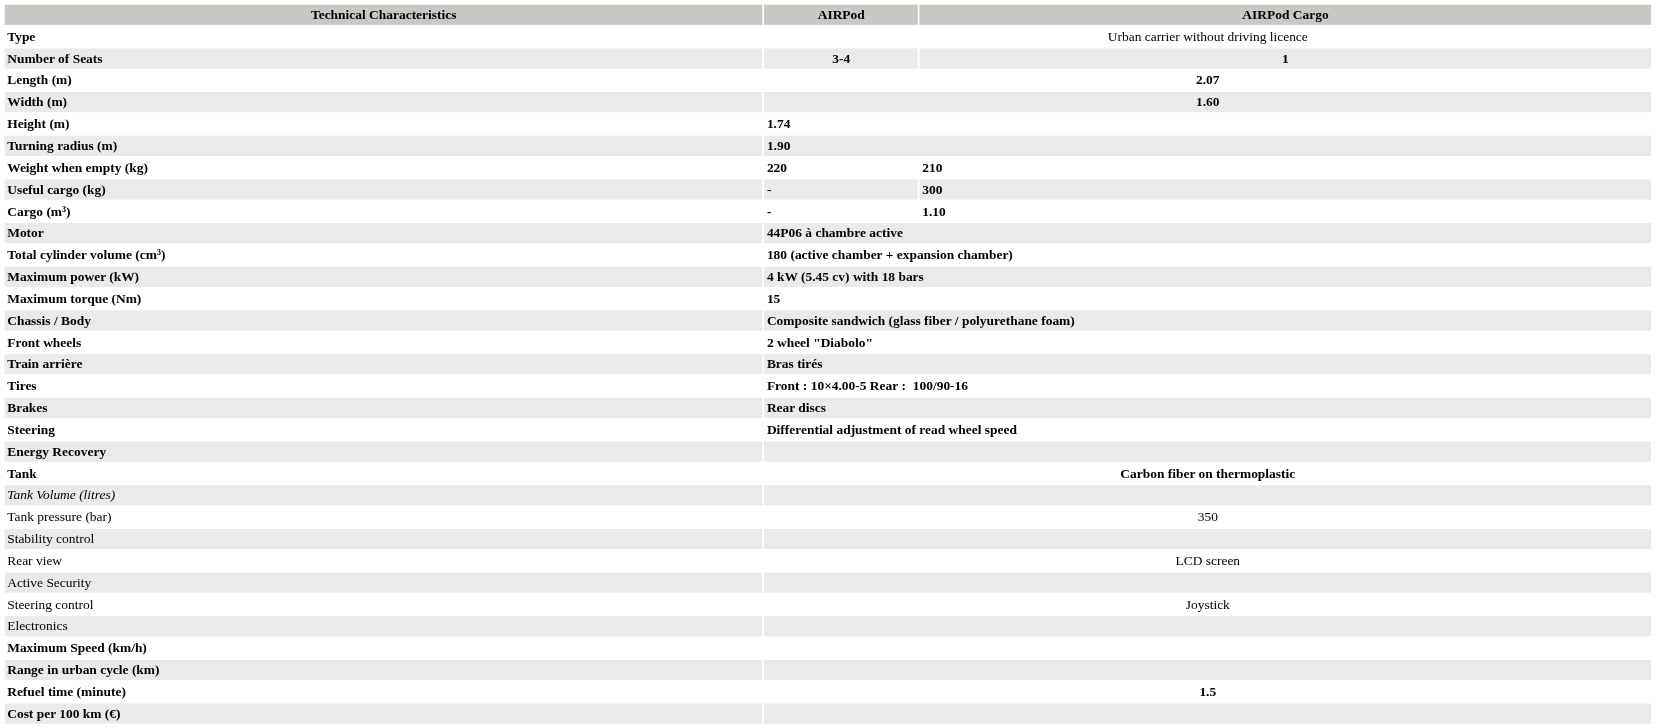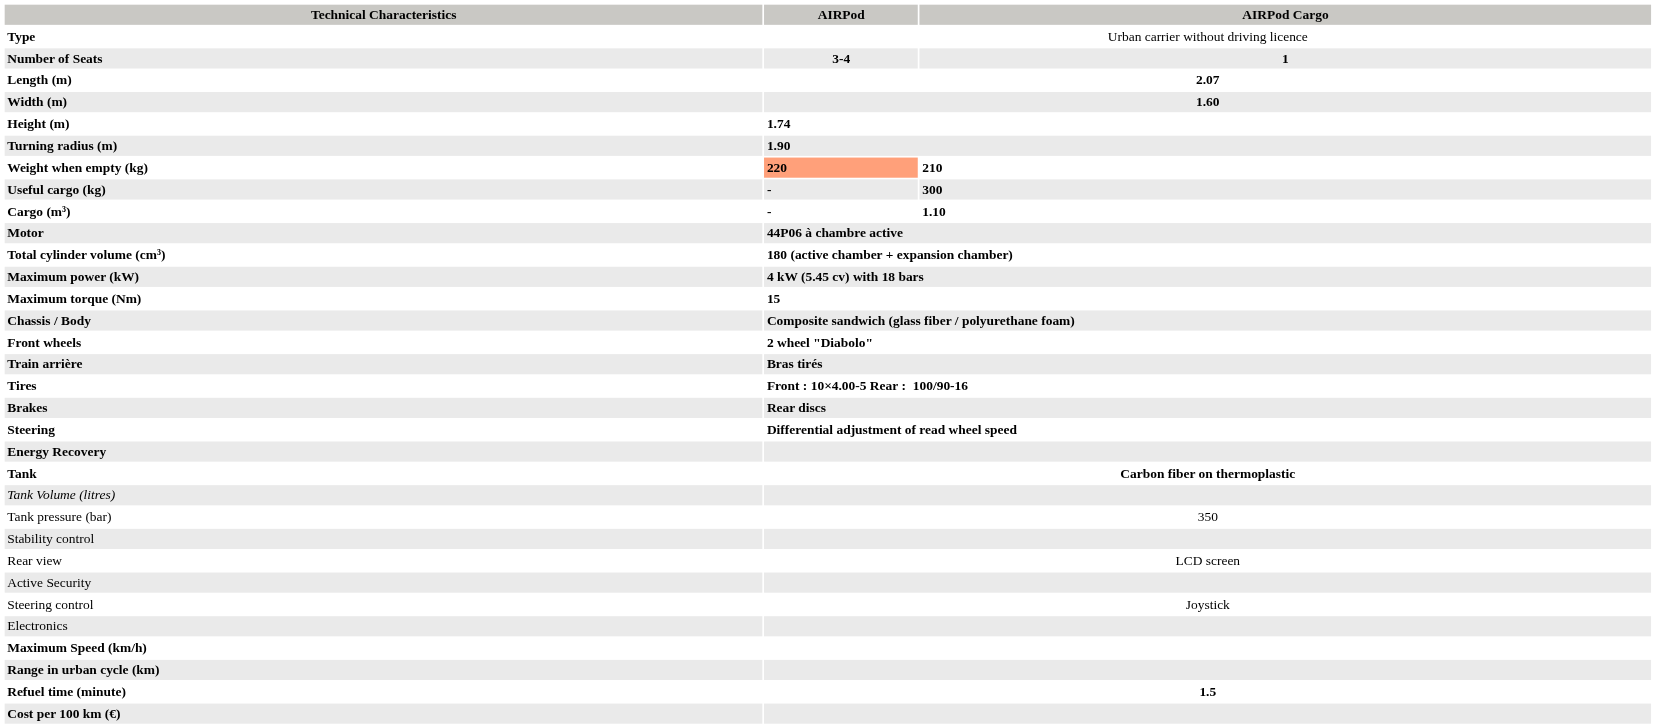 <table border="0" cellpadding="3" cellspacing="2" width="99%">
 <tr style="background:#C9C8C4;">
 <th>Technical Characteristics</th>
 <th width="177">AIRPod</th>
 <th colspan="2" width="177">AIRPod Cargo</th>
 </tr>
 <tr>
 <td><strong>Type</strong></td>
 <td colspan="3" style="text-align:center;">Urban carrier without driving licence</td>
 </tr>
 <tr style="background:#EAEAEA;">
 <td><strong>Number of Seats</strong></td>
 <td style="text-align:center;"><strong>3-4</strong></td>
 <td colspan="2" style="text-align:center;"><strong>1</strong></td>
 </tr>
 <tr>
 <td><strong>Length (m)</strong></td>
 <td colspan="3" style="text-align:center;"><strong>2.07</strong></td>
 </tr>
 <tr style="background:#EAEAEA;">
 <td><strong>Width  (m)</strong></td>
 <td colspan="3" style="text-align:center;"><strong>1.60</strong></td>
 </tr>
 <tr>
 <td><div><strong>Height (m)</strong></div></td>
 <td colspan="3"><div><strong>1.74</strong></div></td>
 </tr>
 <tr>
 <td bgcolor="#EAEAEA"><div><strong>Turning radius (m)</strong></div></td>
 <td colspan="3" bgcolor="#EAEAEA"><div><strong>1.90</strong></div></td>
 </tr>
 <tr>
 <td><div><strong>Weight when empty (kg)</strong></div></td>
-<td><div><strong>220</strong></div></td>
+<td style="background: lightsalmon;"><div><strong>220</strong></div></td>
 <td colspan="2"><div><strong>210</strong></div></td>
 </tr>
 <tr>
 <td bgcolor="#EAEAEA"><div><strong>Useful cargo (kg)</strong></div></td>
 <td bgcolor="#EAEAEA"><div><strong>-</strong></div></td>
 <td colspan="2" class="news" bgcolor="#EAEAEA"><div><strong>300</strong></div></td>
 </tr>
 <tr>
 <td bgcolor="#FFFFFF"><div><strong>Cargo (m³)</strong></div></td>
 <td bgcolor="#FFFFFF"><div><strong>-</strong></div></td>
 <td colspan="2"  bgcolor="#FFFFFF"><div><strong>1.10</strong></div></td>
 </tr>
 <tr>
 <td bgcolor="#EAEAEA"><div><strong>Motor</strong></div></td>
 <td colspan="3" bgcolor="#EAEAEA"><div><strong>44P06 à chambre active</strong></div></td>
 </tr>
 <tr>
 <td><div><strong>Total cylinder volume (cm³)</strong></div></td>
 <td colspan="3"><div><strong>180 (active chamber + expansion chamber)</strong></div></td>
 </tr>
 <tr>
 <td class="news" bgcolor="#EAEAEA"><div><strong>Maximum power (kW)</strong></div></td>
 <td colspan="3"  bgcolor="#EAEAEA"><div><strong>4 kW (5.45 cv) with 18 bars</strong></div></td>
 </tr>
 <tr>
 <td class="news"><div><strong>Maximum torque (Nm)</strong></div></td>
 <td colspan="3"><div><strong>15</strong></div></td>
 </tr>
 <tr>
 <td class="news" bgcolor="#EAEAEA"><div><strong>Chassis / Body</strong></div></td>
 <td colspan="3"  bgcolor="#EAEAEA"><div><strong>Composite sandwich (glass fiber / polyurethane foam) </strong></div></td>
 </tr>
 <tr>
 <td><div><strong>Front wheels</strong></div></td>
 <td colspan="3"><div><strong>2 wheel "Diabolo"</strong></div></td>
 </tr>
 <tr>
 <td class="news" bgcolor="#EAEAEA"><div><strong>Train arrière</strong></div></td>
 <td colspan="3"  bgcolor="#EAEAEA"><div><strong>Bras tirés</strong></div></td>
 </tr>
 <tr>
 <td class="news"><div><strong>Tires </strong></div></td>
 <td colspan="3"><div><strong>Front : 10×4.00-5 Rear :  100/90-16</strong></div></td>
 </tr>
 <tr>
 <td class="news" bgcolor="#EAEAEA"><div><strong>Brakes</strong></div></td>
 <td colspan="3" bgcolor="#EAEAEA"><div><strong>Rear discs </strong></div></td>
 </tr>
 <tr>
 <td class="news"><div><strong>Steering</strong></div></td>
 <td colspan="3"><div><strong>Differential adjustment of read wheel speed</strong></div></td>
 </tr>
 <tr>
 <td class="news" bgcolor="#EAEAEA"><strong>Energy Recovery</strong></td>
 <td colspan="3" bgcolor="#EAEAEA"></td>
 </tr>
 <tr>
 <td><strong>Tank</strong></td>
 <td colspan="3" style="text-align:center;"><strong>Carbon fiber on thermoplastic</strong></td>
 </tr>
 <tr>
 <td bgcolor="#EAEAEA"><em>Tank Volume (litres) <strong></td>
 <td colspan="3"bgcolor="#EAEAEA"></td>
 </tr>
 <tr>
 <td></strong>Tank pressure (bar)<strong></td>
 <td colspan="3" style="text-align:center;"></strong>350<strong></td>
 </tr>
 <tr>
 <td bgcolor="#EAEAEA"></strong>Stability control<strong></td>
 <td colspan="3"  bgcolor="#EAEAEA"></td>
 </tr>
 <tr>
 <td></strong>Rear view<strong></td>
 <td colspan="3" style="text-align:center;"></strong>LCD screen<strong></td>
 </tr>
 <tr>
 <td bgcolor="#EAEAEA"></strong>Active Security<strong></td>
 <td colspan="3" bgcolor="#EAEAEA"></td>
 </tr>
 <tr>
 <td></strong>Steering control<strong></td>
 <td colspan="3" style="text-align:center;"></strong>Joystick<strong></td>
 </tr>
 <tr>
 <td bgcolor="#EAEAEA"></strong>Electronics</em></td>
 <td colspan="3"  bgcolor="#EAEAEA"></td>
 </tr>
 <tr>
 <td valign="top"><strong>Maximum Speed (km/h)</strong></td>
 <td colspan="3" class="news"></td>
 </tr>
 <tr>
 <td bgcolor="#EAEAEA"><strong>Range in urban cycle (km)</strong></td>
 <td colspan="3" bgcolor="#EAEAEA"></td>
 </tr>
 <tr>
 <td><div><strong>Refuel time (minute)</strong></div></td>
 <td colspan="3" style="text-align:center;"><strong>1.5</strong></td>
 </tr>
 <tr>
 <td bgcolor="#EAEAEA" valign="top"><strong>Cost per 100 km (€)</strong></td>
 <td colspan="3" bgcolor="#EAEAEA" valign="top"></td>
 </tr>
 </table>
